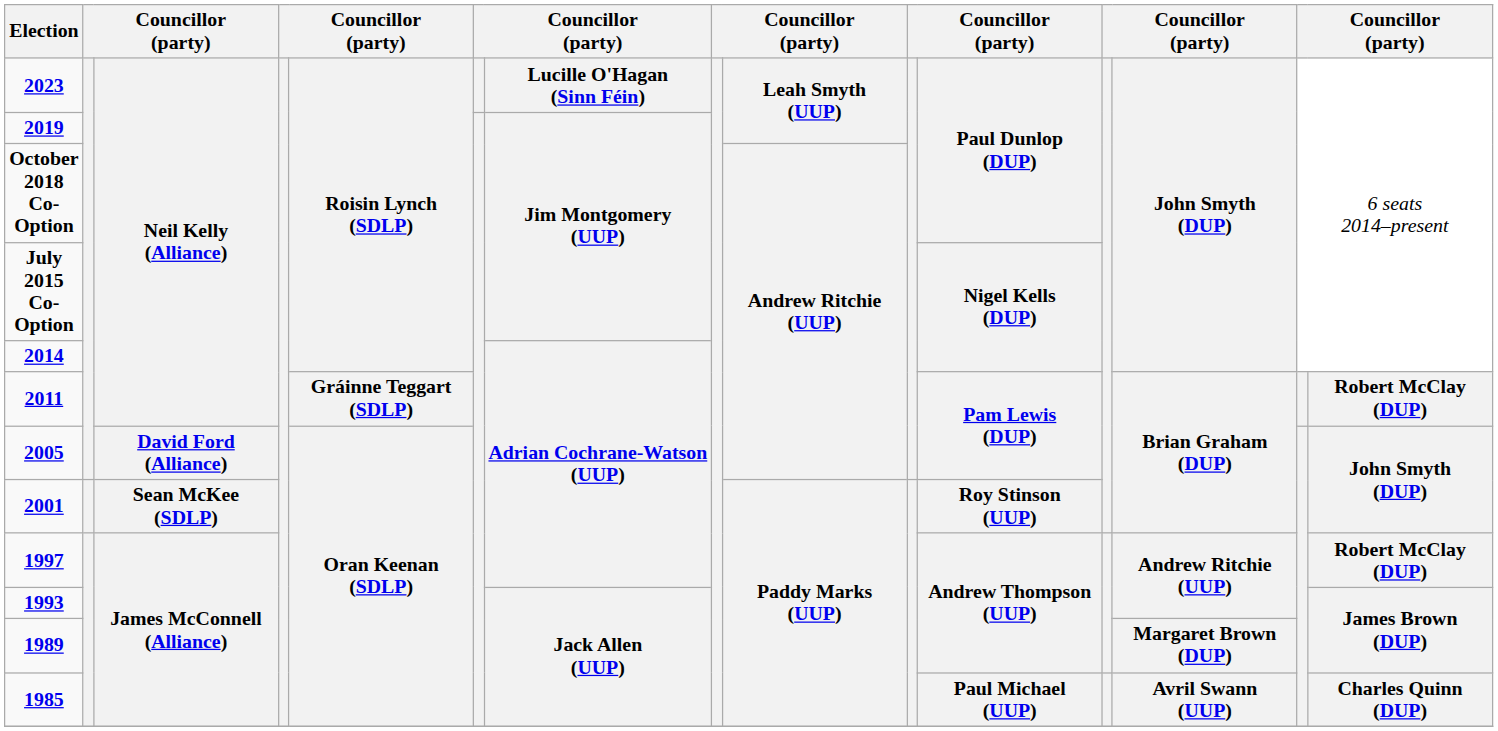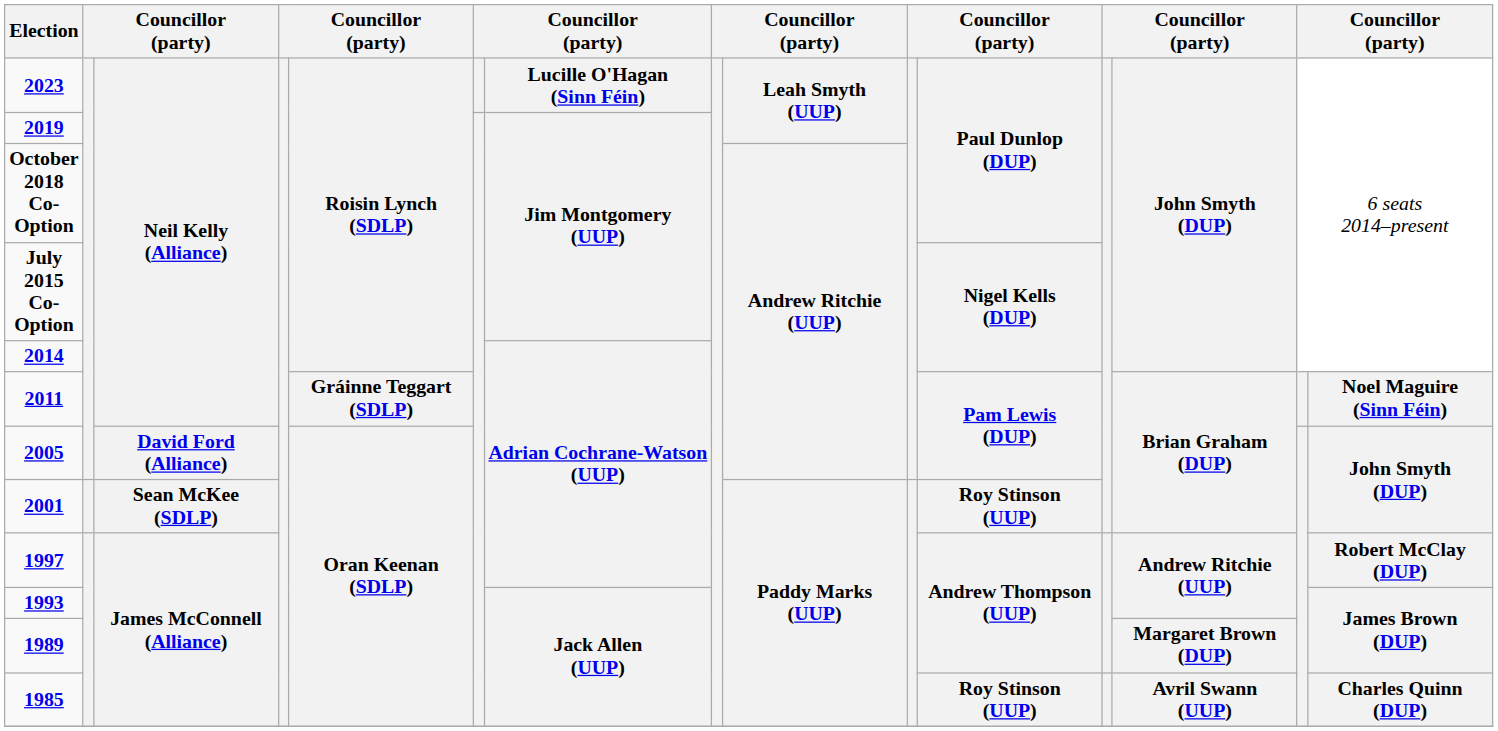 <table class="wikitable" style="text-align:center">
 <tr>
 <th scope="col" width="50">Election</th>
 <th scope="col" width="150" colspan = "2">Councillor<br> (party)</th>
 <th scope="col" width="150" colspan = "2">Councillor<br> (party)</th>
 <th scope="col" width="150" colspan = "2">Councillor<br> (party)</th>
 <th scope="col" width="150" colspan = "2">Councillor<br> (party)</th>
 <th scope="col" width="150" colspan = "2">Councillor<br> (party)</th>
 <th scope="col" width="150" colspan = "2">Councillor<br> (party)</th>
 <th scope="col" width="150" colspan = "2">Councillor<br> (party)</th>
 </tr>
 <tr>
 <td><strong><a href='#'>2023</a></strong></td>
 <th rowspan="7" width="1" style="background-color: "></th>
 <th rowspan = "6">Neil Kelly <br> (<a href='#'>Alliance</a>)</th>
 <th rowspan="12" width="1" style="background-color: "></th>
 <th rowspan = "5">Roisin Lynch <br> (<a href='#'>SDLP</a>)</th>
 <th rowspan="1" width="1" style="background-color: "></th>
 <th rowspan = "1">Lucille O'Hagan <br> (<a href='#'>Sinn Féin</a>)</th>
 <th rowspan="12" width="1" style="background-color: "></th>
 <th rowspan = "2">Leah Smyth <br> (<a href='#'>UUP</a>)</th>
 <th rowspan="7" width="1" style="background-color: "></th>
 <th rowspan = "3">Paul Dunlop <br> (<a href='#'>DUP</a>)</th>
 <th rowspan="8" width="1" style="background-color: "></th>
 <th rowspan = "5">John Smyth <br> (<a href='#'>DUP</a>)</th>
 <td colspan="2" rowspan="5" style="background-color:#FFFFFF"><em>6 seats<br>2014–present</em></td>
 </tr>
 <tr>
 <td><strong><a href='#'>2019</a></strong></td>
 <th rowspan="11" width="1" style="background-color: "></th>
 <th rowspan = "3">Jim Montgomery <br> (<a href='#'>UUP</a>)</th>
 </tr>
 <tr>
 <td><strong>October 2018 Co-Option</strong></td>
 <th rowspan = "5">Andrew Ritchie <br> (<a href='#'>UUP</a>)</th>
 </tr>
 <tr>
 <td><strong>July 2015 Co-Option</strong></td>
 <th rowspan = "2">Nigel Kells <br> (<a href='#'>DUP</a>)</th>
 </tr>
 <tr>
 <td><strong><a href='#'>2014</a></strong></td>
 <th rowspan = "5"><a href='#'>Adrian Cochrane-Watson</a> <br> (<a href='#'>UUP</a>)</th>
 </tr>
 <tr>
 <td><strong><a href='#'>2011</a></strong></td>
 <th rowspan = "1">Gráinne Teggart <br> (<a href='#'>SDLP</a>)</th>
 <th rowspan = "2"><a href='#'>Pam Lewis</a> <br> (<a href='#'>DUP</a>)</th>
 <th rowspan = "3">Brian Graham <br> (<a href='#'>DUP</a>)</th>
 <th rowspan="1" width="1" style="background-color: "></th>
-<th rowspan = "1">Robert McClay <br> (<a href='#'>DUP</a>)</th>
+<th rowspan = "1">Noel Maguire <br> (<a href='#'>Sinn Féin</a>)</th>
 </tr>
 <tr>
 <td><strong><a href='#'>2005</a></strong></td>
 <th rowspan = "1"><a href='#'>David Ford</a> <br> (<a href='#'>Alliance</a>)</th>
 <th rowspan = "6">Oran Keenan <br> (<a href='#'>SDLP</a>)</th>
 <th rowspan="6" width="1" style="background-color: "></th>
 <th rowspan = "2">John Smyth <br> (<a href='#'>DUP</a>)</th>
 </tr>
 <tr>
 <td><strong><a href='#'>2001</a></strong></td>
 <th rowspan="1" width="1" style="background-color: "></th>
 <th rowspan = "1">Sean McKee <br> (<a href='#'>SDLP</a>)</th>
 <th rowspan = "5">Paddy Marks <br> (<a href='#'>UUP</a>)</th>
 <th rowspan="5" width="1" style="background-color: "></th>
 <th rowspan = "1">Roy Stinson <br> (<a href='#'>UUP</a>)</th>
 </tr>
 <tr>
 <td><strong><a href='#'>1997</a></strong></td>
 <th rowspan="4" width="1" style="background-color: "></th>
 <th rowspan = "4">James McConnell <br> (<a href='#'>Alliance</a>)</th>
 <th rowspan = "3">Andrew Thompson <br> (<a href='#'>UUP</a>)</th>
 <th rowspan="3" width="1" style="background-color: "></th>
 <th rowspan = "2">Andrew Ritchie <br> (<a href='#'>UUP</a>)</th>
 <th rowspan = "1">Robert McClay <br> (<a href='#'>DUP</a>)</th>
 </tr>
 <tr>
 <td><strong><a href='#'>1993</a></strong></td>
 <th rowspan = "3">Jack Allen <br> (<a href='#'>UUP</a>)</th>
 <th rowspan = "2">James Brown <br> (<a href='#'>DUP</a>)</th>
 </tr>
 <tr>
 <td><strong><a href='#'>1989</a></strong></td>
 <th rowspan = "1">Margaret Brown <br> (<a href='#'>DUP</a>)</th>
 </tr>
 <tr>
 <td><strong><a href='#'>1985</a></strong></td>
-<th rowspan = "1">Paul Michael <br> (<a href='#'>UUP</a>)</th>
+<th rowspan = "1">Roy Stinson <br> (<a href='#'>UUP</a>)</th>
 <th rowspan="1" width="1" style="background-color: "></th>
 <th rowspan = "1">Avril Swann <br> (<a href='#'>UUP</a>)</th>
 <th rowspan = "1">Charles Quinn <br> (<a href='#'>DUP</a>)</th>
 </tr>
 <tr>
 </tr>
 </table>
